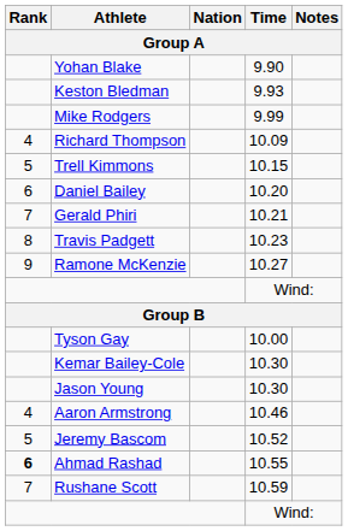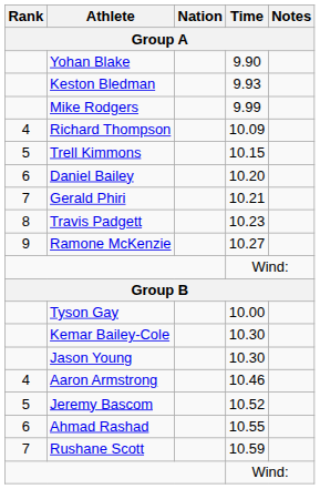 <table class="wikitable" style="text-align:center;">
 <tr>
 <th scope="col" style="width: 10px;">Rank</th>
 <th scope="col">Athlete</th>
 <th scope="col">Nation</th>
 <th scope="col">Time</th>
 <th scope="col">Notes</th>
 </tr>
 <tr>
 <th colspan="5" align="center">Group A</th>
 </tr>
 <tr>
 <td></td>
 <td align=left><a href='#'>Yohan Blake</a></td>
 <td align=left></td>
 <td>9.90</td>
 <td></td>
 </tr>
 <tr>
 <td></td>
 <td align=left><a href='#'>Keston Bledman</a></td>
 <td align=left></td>
 <td>9.93</td>
 <td></td>
 </tr>
 <tr>
 <td></td>
 <td align=left><a href='#'>Mike Rodgers</a></td>
 <td align=left></td>
 <td>9.99</td>
 <td></td>
 </tr>
 <tr>
 <td>4</td>
 <td align=left><a href='#'>Richard Thompson</a></td>
 <td align=left></td>
 <td>10.09</td>
 <td></td>
 </tr>
 <tr>
 <td>5</td>
 <td align=left><a href='#'>Trell Kimmons</a></td>
 <td align=left></td>
 <td>10.15</td>
 <td></td>
 </tr>
 <tr>
 <td>6</td>
 <td align=left><a href='#'>Daniel Bailey</a></td>
 <td align=left></td>
 <td>10.20</td>
 <td></td>
 </tr>
 <tr>
 <td>7</td>
 <td align=left><a href='#'>Gerald Phiri</a></td>
 <td align=left></td>
 <td>10.21</td>
 <td></td>
 </tr>
 <tr>
 <td>8</td>
 <td align=left><a href='#'>Travis Padgett</a></td>
 <td align=left></td>
 <td>10.23</td>
 <td></td>
 </tr>
 <tr>
 <td>9</td>
 <td align=left><a href='#'>Ramone McKenzie</a></td>
 <td align=left></td>
 <td>10.27</td>
 <td></td>
 </tr>
 <tr>
 <td colspan="3"></td>
 <td colspan="2">Wind: </td>
 </tr>
 <tr>
 <th align=center colspan=5>Group B</th>
 </tr>
 <tr>
 <td></td>
 <td align=left><a href='#'>Tyson Gay</a></td>
 <td align=left></td>
 <td>10.00</td>
 <td></td>
 </tr>
 <tr>
 <td></td>
 <td align=left><a href='#'>Kemar Bailey-Cole</a></td>
 <td align=left></td>
 <td>10.30</td>
 <td></td>
 </tr>
 <tr>
 <td></td>
 <td align=left><a href='#'>Jason Young</a></td>
 <td align=left></td>
 <td>10.30</td>
 <td></td>
 </tr>
 <tr>
 <td>4</td>
 <td align=left><a href='#'>Aaron Armstrong</a></td>
 <td align=left></td>
 <td>10.46</td>
 <td></td>
 </tr>
 <tr>
 <td>5</td>
 <td align=left><a href='#'>Jeremy Bascom</a></td>
 <td align=left></td>
 <td>10.52</td>
 <td></td>
 </tr>
 <tr>
-<td><strong>6</strong></td>
+<td>6</td>
 <td align=left><a href='#'>Ahmad Rashad</a></td>
 <td align=left></td>
 <td>10.55</td>
 <td></td>
 </tr>
 <tr>
 <td>7</td>
 <td align=left><a href='#'>Rushane Scott</a></td>
 <td align=left></td>
 <td>10.59</td>
 <td></td>
 </tr>
 <tr class="sortbottom">
 <td colspan="3"></td>
 <td colspan="2">Wind: </td>
 </tr>
 </table>
